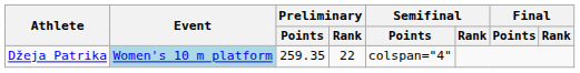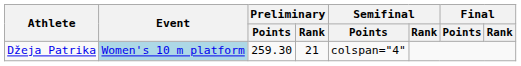 <table class=wikitable style="font-size:90%">
 <tr>
 <th rowspan="2">Athlete</th>
 <th rowspan="2">Event</th>
 <th colspan="2">Preliminary</th>
 <th colspan="2">Semifinal</th>
 <th colspan="2">Final</th>
 </tr>
 <tr style="font-size:95%">
 <th>Points</th>
 <th>Rank</th>
 <th>Points</th>
 <th>Rank</th>
 <th>Points</th>
 <th>Rank</th>
 </tr>
 <tr align=center>
 <td align=left><a href='#'>Džeja Patrika</a></td>
 <td align=left style="background: lightblue;"><a href='#'>Women's 10 m platform</a></td>
-<td>259.35</td>
-<td>22</td>
+<td>259.30</td>
+<td>21</td>
 <td>colspan="4"</td>
 </tr>
 </table>
